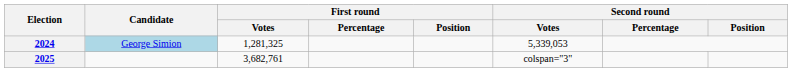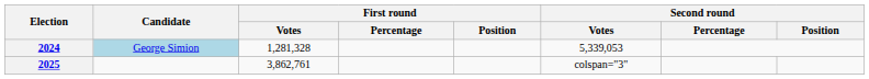 <table class=wikitable width=100%>
 <tr>
 <th rowspan=2>Election</th>
 <th rowspan=2>Candidate</th>
 <th colspan=3>First round</th>
 <th colspan=3>Second round</th>
 </tr>
 <tr>
 <th>Votes</th>
 <th>Percentage</th>
 <th>Position</th>
 <th>Votes</th>
 <th>Percentage</th>
 <th>Position</th>
 </tr>
 <tr align=center>
 <th><a href='#'>2024</a></th>
 <td style="background: lightblue;"><a href='#'>George Simion</a></td>
-<td>1,281,325</td>
+<td>1,281,328</td>
 <td></td>
 <td></td>
 <td>5,339,053</td>
 </tr>
 <tr align=center>
 <th><a href='#'>2025</a></th>
 <td></td>
-<td>3,682,761</td>
+<td>3,862,761</td>
 <td></td>
 <td></td>
 <td>colspan="3" </td>
 <td></td>
 <td></td>
 </tr>
 </table>
